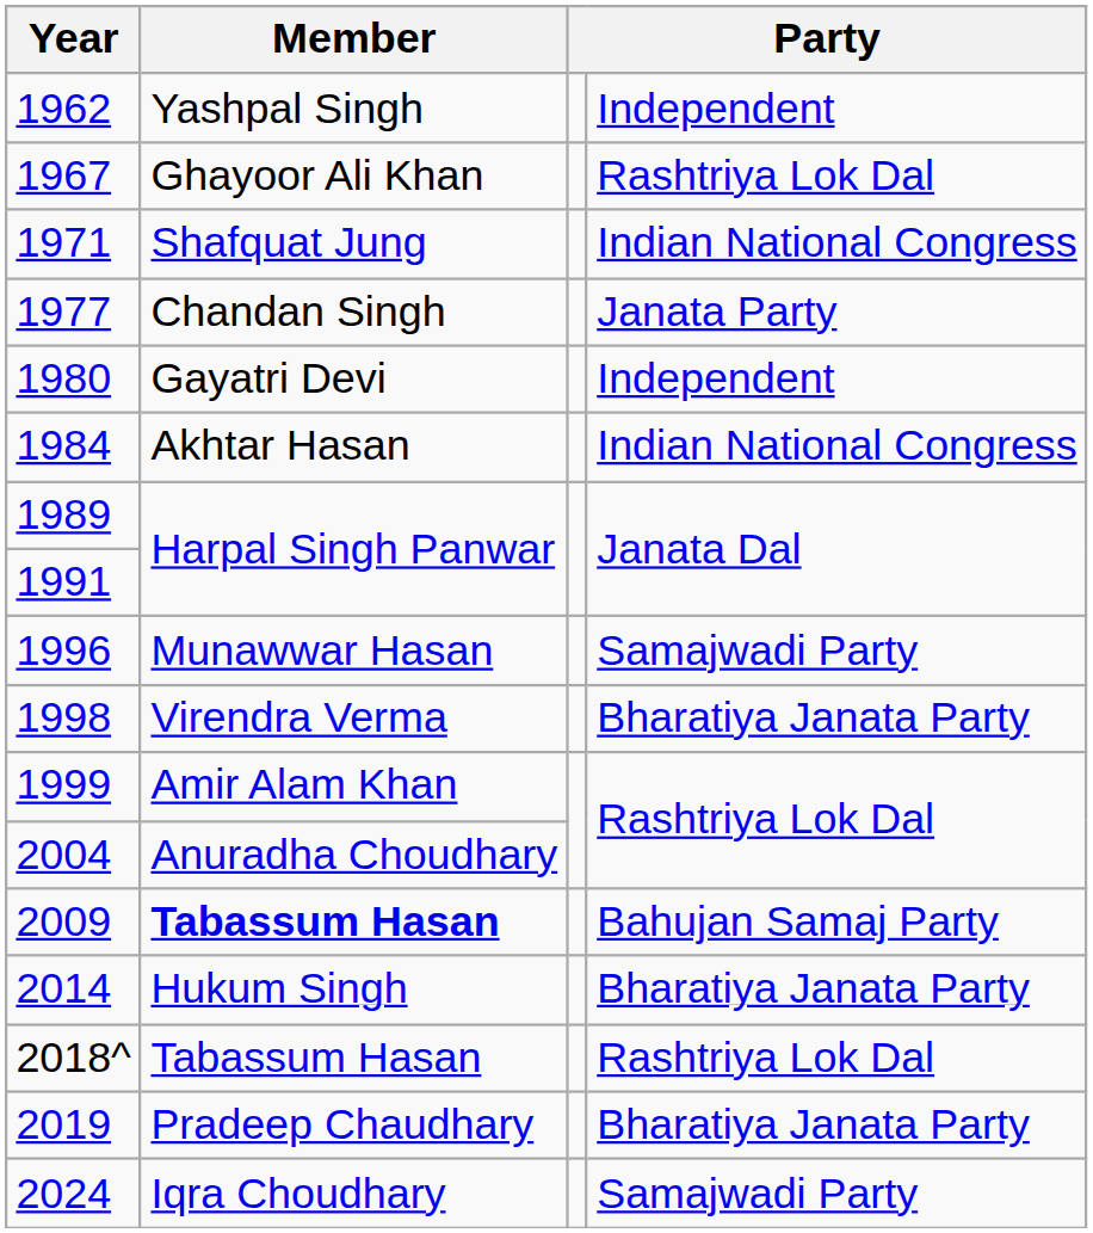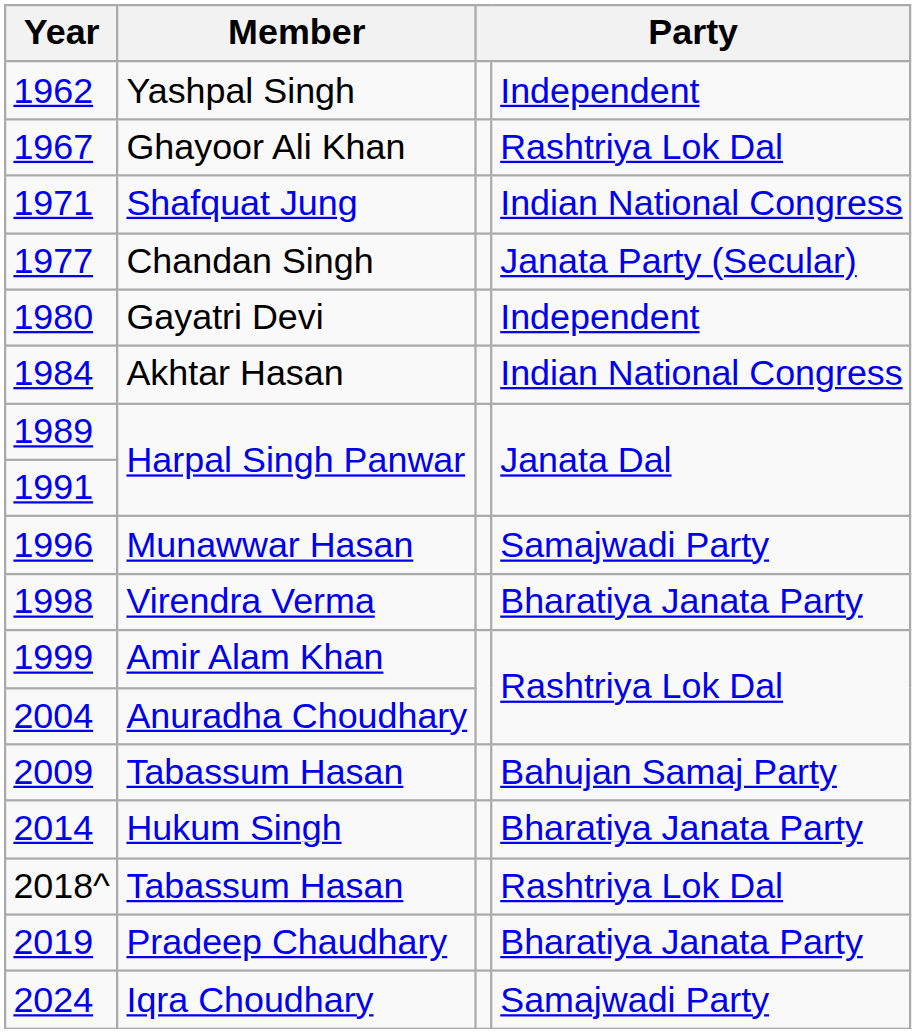 <table class="wikitable">
 <tr>
 <th>Year</th>
 <th>Member</th>
 <th colspan="2">Party</th>
 </tr>
 <tr>
 <td><a href='#'>1962</a></td>
 <td>Yashpal Singh</td>
 <td style="background-color: "></td>
 <td><a href='#'>Independent</a></td>
 </tr>
 <tr>
 <td><a href='#'>1967</a></td>
 <td>Ghayoor Ali Khan</td>
 <td style="background-color: "></td>
 <td><a href='#'>Rashtriya Lok Dal</a></td>
 </tr>
 <tr>
 <td><a href='#'>1971</a></td>
 <td><a href='#'>Shafquat Jung</a></td>
 <td style="background-color: "></td>
 <td><a href='#'>Indian National Congress</a></td>
 </tr>
 <tr>
 <td><a href='#'>1977</a></td>
 <td>Chandan Singh</td>
 <td style="background-color: "></td>
-<td><a href='#'>Janata Party</a></td>
+<td><a href='#'>Janata Party (Secular)</a></td>
 </tr>
 <tr>
 <td><a href='#'>1980</a></td>
 <td>Gayatri Devi</td>
 <td style="background-color: "></td>
 <td><a href='#'>Independent</a></td>
 </tr>
 <tr>
 <td><a href='#'>1984</a></td>
 <td>Akhtar Hasan</td>
 <td style="background-color: "></td>
 <td><a href='#'>Indian National Congress</a></td>
 </tr>
 <tr>
 <td><a href='#'>1989</a></td>
 <td rowspan="2"><a href='#'>Harpal Singh Panwar</a></td>
 <td rowspan="2" style="background-color: "></td>
 <td rowspan="2"><a href='#'>Janata Dal</a></td>
 </tr>
 <tr>
 <td><a href='#'>1991</a></td>
 </tr>
 <tr>
 <td><a href='#'>1996</a></td>
 <td><a href='#'>Munawwar Hasan</a></td>
 <td style="background-color: "></td>
 <td><a href='#'>Samajwadi Party</a></td>
 </tr>
 <tr>
 <td><a href='#'>1998</a></td>
 <td><a href='#'>Virendra Verma</a></td>
 <td style="background-color: "></td>
 <td><a href='#'>Bharatiya Janata Party</a></td>
 </tr>
 <tr>
 <td><a href='#'>1999</a></td>
 <td><a href='#'>Amir Alam Khan</a></td>
 <td rowspan="2" style="background-color: "></td>
 <td rowspan="2"><a href='#'>Rashtriya Lok Dal</a></td>
 </tr>
 <tr>
 <td><a href='#'>2004</a></td>
 <td><a href='#'>Anuradha Choudhary</a></td>
 </tr>
 <tr>
 <td><a href='#'>2009</a></td>
-<td><strong><a href='#'>Tabassum Hasan</a></strong></td>
+<td><a href='#'>Tabassum Hasan</a></td>
 <td style="background-color: "></td>
 <td><a href='#'>Bahujan Samaj Party</a></td>
 </tr>
 <tr>
 <td><a href='#'>2014</a></td>
 <td><a href='#'>Hukum Singh</a></td>
 <td style="background-color: "></td>
 <td><a href='#'>Bharatiya Janata Party</a></td>
 </tr>
 <tr>
 <td>2018^</td>
 <td><a href='#'>Tabassum Hasan</a></td>
 <td style="background-color: "></td>
 <td><a href='#'>Rashtriya Lok Dal</a></td>
 </tr>
 <tr>
 <td><a href='#'>2019</a></td>
 <td><a href='#'>Pradeep Chaudhary</a></td>
 <td style="background-color: "></td>
 <td><a href='#'>Bharatiya Janata Party</a></td>
 </tr>
 <tr>
 <td><a href='#'>2024</a></td>
 <td><a href='#'>Iqra Choudhary</a></td>
 <td style="background-color: "></td>
 <td><a href='#'>Samajwadi Party</a></td>
 </tr>
 </table>
